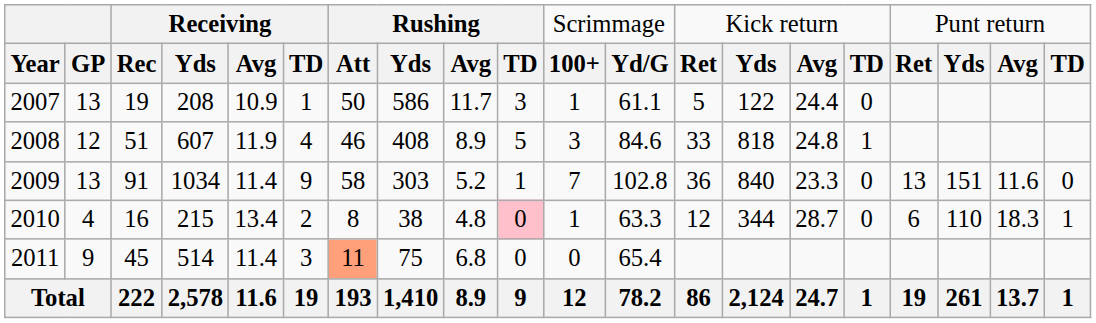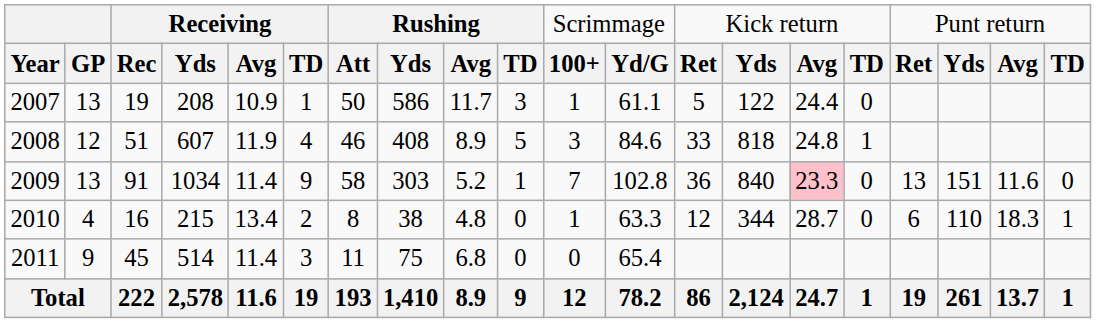 <table class="wikitable" style="text-align:center;">
 <tr>
 <th colspan="2"></th>
 <th colspan="4">Receiving</th>
 <th colspan="4">Rushing</th>
 <td colspan="2">Scrimmage</td>
 <td colspan="4">Kick return</td>
 <td colspan="4">Punt return</td>
 </tr>
 <tr>
 <th>Year</th>
 <th>GP</th>
 <th>Rec</th>
 <th>Yds</th>
 <th>Avg</th>
 <th>TD</th>
 <th>Att</th>
 <th>Yds</th>
 <th>Avg</th>
 <th>TD</th>
 <th>100+</th>
 <th>Yd/G</th>
 <th>Ret</th>
 <th>Yds</th>
 <th>Avg</th>
 <th>TD</th>
 <th>Ret</th>
 <th>Yds</th>
 <th>Avg</th>
 <th>TD</th>
 </tr>
 <tr>
 <td>2007</td>
 <td>13</td>
 <td>19</td>
 <td>208</td>
 <td>10.9</td>
 <td>1</td>
 <td>50</td>
 <td>586</td>
 <td>11.7</td>
 <td>3</td>
 <td>1</td>
 <td>61.1</td>
 <td>5</td>
 <td>122</td>
 <td>24.4</td>
 <td>0</td>
 <td></td>
 <td></td>
 <td></td>
 <td></td>
 </tr>
 <tr>
 <td>2008</td>
 <td>12</td>
 <td>51</td>
 <td>607</td>
 <td>11.9</td>
 <td>4</td>
 <td>46</td>
 <td>408</td>
 <td>8.9</td>
 <td>5</td>
 <td>3</td>
 <td>84.6</td>
 <td>33</td>
 <td>818</td>
 <td>24.8</td>
 <td>1</td>
 <td></td>
 <td></td>
 <td></td>
 <td></td>
 </tr>
 <tr>
 <td>2009</td>
 <td>13</td>
 <td>91</td>
 <td>1034</td>
 <td>11.4</td>
 <td>9</td>
 <td>58</td>
 <td>303</td>
 <td>5.2</td>
 <td>1</td>
 <td>7</td>
 <td>102.8</td>
 <td>36</td>
 <td>840</td>
-<td>23.3</td>
+<td style="background: pink;">23.3</td>
 <td>0</td>
 <td>13</td>
 <td>151</td>
 <td>11.6</td>
 <td>0</td>
 </tr>
 <tr>
 <td>2010</td>
 <td>4</td>
 <td>16</td>
 <td>215</td>
 <td>13.4</td>
 <td>2</td>
 <td>8</td>
 <td>38</td>
 <td>4.8</td>
-<td style="background: pink;">0</td>
+<td>0</td>
 <td>1</td>
 <td>63.3</td>
 <td>12</td>
 <td>344</td>
 <td>28.7</td>
 <td>0</td>
 <td>6</td>
 <td>110</td>
 <td>18.3</td>
 <td>1</td>
 </tr>
 <tr>
 <td>2011</td>
 <td>9</td>
 <td>45</td>
 <td>514</td>
 <td>11.4</td>
 <td>3</td>
-<td style="background: lightsalmon;">11</td>
+<td>11</td>
 <td>75</td>
 <td>6.8</td>
 <td>0</td>
 <td>0</td>
 <td>65.4</td>
 <td></td>
 <td></td>
 <td></td>
 <td></td>
 <td></td>
 <td></td>
 <td></td>
 <td></td>
 </tr>
 <tr>
 <th colspan="2">Total</th>
 <th>222</th>
 <th>2,578</th>
 <th>11.6</th>
 <th>19</th>
 <th>193</th>
 <th>1,410</th>
 <th>8.9</th>
 <th>9</th>
 <th>12</th>
 <th>78.2</th>
 <th>86</th>
 <th>2,124</th>
 <th>24.7</th>
 <th>1</th>
 <th>19</th>
 <th>261</th>
 <th>13.7</th>
 <th>1</th>
 </tr>
 </table>
